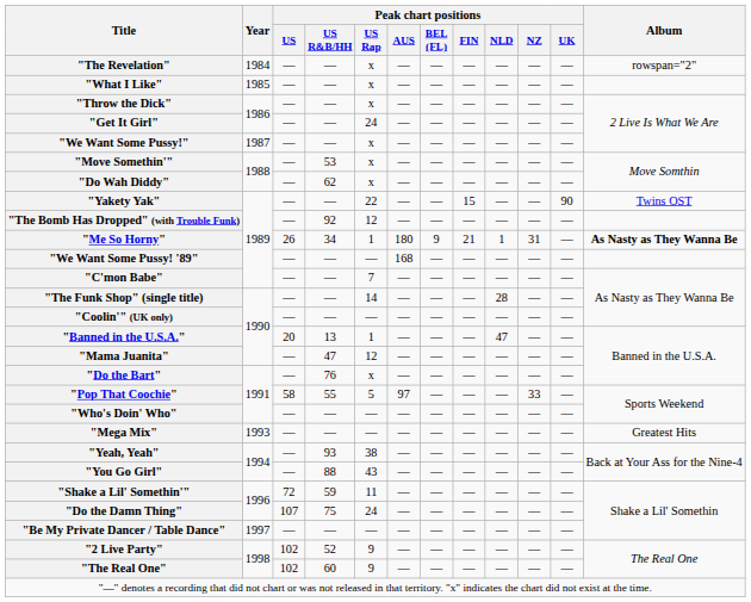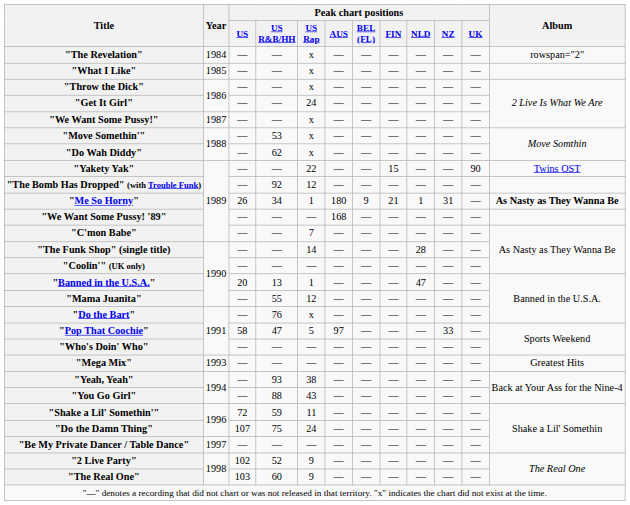 <table class="wikitable plainrowheaders" style="text-align:center">
 <tr>
 <th scope="col" rowspan="2">Title</th>
 <th scope="col" rowspan="2">Year</th>
 <th scope="col" colspan="9">Peak chart positions</th>
 <th scope="col" rowspan="2">Album</th>
 </tr>
 <tr>
 <th scope="col" style="width:2.5em;font-size:90%;"><a href='#'>US</a><br></th>
 <th scope="col" style="width:2.5em;font-size:90%;"><a href='#'>US R&B/HH</a><br></th>
 <th scope="col" style="width:2.5em;font-size:90%;"><a href='#'>US Rap</a><br></th>
 <th scope="col" style="width:2.5em;font-size:90%;"><a href='#'>AUS</a><br></th>
 <th scope="col" style="width:2.5em;font-size:90%;"><a href='#'>BEL<br>(FL)</a><br></th>
 <th scope="col" style="width:2.5em;font-size:90%;"><a href='#'>FIN</a><br></th>
 <th scope="col" style="width:2.5em;font-size:90%;"><a href='#'>NLD</a><br></th>
 <th scope="col" style="width:2.5em;font-size:90%;"><a href='#'>NZ</a><br></th>
 <th scope="col" style="width:2.5em;font-size:90%;"><a href='#'>UK</a><br></th>
 </tr>
 <tr>
 <th scope="row">"The Revelation"</th>
 <td>1984</td>
 <td>—</td>
 <td>—</td>
 <td>x</td>
 <td>—</td>
 <td>—</td>
 <td>—</td>
 <td>—</td>
 <td>—</td>
 <td>—</td>
 <td>rowspan="2" </td>
 </tr>
 <tr>
 <th scope="row">"What I Like"</th>
 <td>1985</td>
 <td>—</td>
 <td>—</td>
 <td>x</td>
 <td>—</td>
 <td>—</td>
 <td>—</td>
 <td>—</td>
 <td>—</td>
 <td>—</td>
 </tr>
 <tr>
 <th scope="row">"Throw the Dick"</th>
 <td rowspan="2">1986</td>
 <td>—</td>
 <td>—</td>
 <td>x</td>
 <td>—</td>
 <td>—</td>
 <td>—</td>
 <td>—</td>
 <td>—</td>
 <td>—</td>
 <td rowspan="3"><em>2 Live Is What We Are</em></td>
 </tr>
 <tr>
 <th scope="row">"Get It Girl"</th>
 <td>—</td>
 <td>—</td>
 <td>24</td>
 <td>—</td>
 <td>—</td>
 <td>—</td>
 <td>—</td>
 <td>—</td>
 <td>—</td>
 </tr>
 <tr>
 <th scope="row">"We Want Some Pussy!"</th>
 <td>1987</td>
 <td>—</td>
 <td>—</td>
 <td>x</td>
 <td>—</td>
 <td>—</td>
 <td>—</td>
 <td>—</td>
 <td>—</td>
 <td>—</td>
 </tr>
 <tr>
 <th scope="row">"Move Somethin'"</th>
 <td rowspan="2">1988</td>
 <td>—</td>
 <td>53</td>
 <td>x</td>
 <td>—</td>
 <td>—</td>
 <td>—</td>
 <td>—</td>
 <td>—</td>
 <td>—</td>
 <td rowspan="2"><em>Move Somthin<strong></td>
 </tr>
 <tr>
 <th scope="row">"Do Wah Diddy"</th>
 <td>—</td>
 <td>62</td>
 <td>x</td>
 <td>—</td>
 <td>—</td>
 <td>—</td>
 <td>—</td>
 <td>—</td>
 <td>—</td>
 </tr>
 <tr>
 <th scope="row">"Yakety Yak"</th>
 <td rowspan="5">1989</td>
 <td>—</td>
 <td>—</td>
 <td>22</td>
 <td>—</td>
 <td>—</td>
 <td>15</td>
 <td>—</td>
 <td>—</td>
 <td>90</td>
 <td></em><a href='#'>Twins OST</a><em></td>
 </tr>
 <tr>
 <th scope="row">"The Bomb Has Dropped" <small>(with <a href='#'>Trouble Funk</a>)</small></th>
 <td>—</td>
 <td>92</td>
 <td>12</td>
 <td>—</td>
 <td>—</td>
 <td>—</td>
 <td>—</td>
 <td>—</td>
 <td>—</td>
 <td></td>
 </tr>
 <tr>
 <th scope="row">"<a href='#'>Me So Horny</a>"</th>
 <td>26</td>
 <td>34</td>
 <td>1</td>
 <td>180</td>
 <td>9</td>
 <td>21</td>
 <td>1</td>
 <td>31</td>
 <td>—</td>
 <td><strong></em>As Nasty as They Wanna Be<em></strong></td>
 </tr>
 <tr>
 <th scope="row">"We Want Some Pussy! '89"</th>
 <td>—</td>
 <td>—</td>
 <td>—</td>
 <td>168</td>
 <td>—</td>
 <td>—</td>
 <td>—</td>
 <td>—</td>
 <td>—</td>
 <td></td>
 </tr>
 <tr>
 <th scope="row">"C'mon Babe"</th>
 <td>—</td>
 <td>—</td>
 <td>7</td>
 <td>—</td>
 <td>—</td>
 <td>—</td>
 <td>—</td>
 <td>—</td>
 <td>—</td>
 <td rowspan="3"></em>As Nasty as They Wanna Be<em></td>
 </tr>
 <tr>
 <th scope="row">"The Funk Shop" (single title)</th>
 <td rowspan="4">1990</td>
 <td>—</td>
 <td>—</td>
 <td>14</td>
 <td>—</td>
 <td>—</td>
 <td>—</td>
 <td>28</td>
 <td>—</td>
 <td>—</td>
 </tr>
 <tr>
 <th scope="row">"Coolin'" <small>(UK only)</small></th>
 <td>—</td>
 <td>—</td>
 <td>—</td>
 <td>—</td>
 <td>—</td>
 <td>—</td>
 <td>—</td>
 <td>—</td>
 <td>—</td>
 </tr>
 <tr>
 <th scope="row">"<a href='#'>Banned in the U.S.A.</a>"</th>
 <td>20</td>
 <td>13</td>
 <td>1</td>
 <td>—</td>
 <td>—</td>
 <td>—</td>
 <td>47</td>
 <td>—</td>
 <td>—</td>
 <td rowspan="3"></em>Banned in the U.S.A.<em></td>
 </tr>
 <tr>
 <th scope="row">"Mama Juanita"</th>
 <td>—</td>
-<td>47</td>
+<td>55</td>
 <td>12</td>
 <td>—</td>
 <td>—</td>
 <td>—</td>
 <td>—</td>
 <td>—</td>
 <td>—</td>
 </tr>
 <tr>
 <th scope="row">"<a href='#'>Do the Bart</a>"</th>
 <td rowspan="3">1991</td>
 <td>—</td>
 <td>76</td>
 <td>x</td>
 <td>—</td>
 <td>—</td>
 <td>—</td>
 <td>—</td>
 <td>—</td>
 <td>—</td>
 </tr>
 <tr>
 <th scope="row">"<a href='#'>Pop That Coochie</a>"</th>
 <td>58</td>
-<td>55</td>
+<td>47</td>
 <td>5</td>
 <td>97</td>
 <td>—</td>
 <td>—</td>
 <td>—</td>
 <td>33</td>
 <td>—</td>
 <td rowspan="2"></em>Sports Weekend<em></td>
 </tr>
 <tr>
 <th scope="row">"Who's Doin' Who"</th>
 <td>—</td>
 <td>—</td>
 <td>—</td>
 <td>—</td>
 <td>—</td>
 <td>—</td>
 <td>—</td>
 <td>—</td>
 <td>—</td>
 </tr>
 <tr>
 <th scope="row">"Mega Mix"</th>
 <td>1993</td>
 <td>—</td>
 <td>—</td>
 <td>—</td>
 <td>—</td>
 <td>—</td>
 <td>—</td>
 <td>—</td>
 <td>—</td>
 <td>—</td>
 <td></em>Greatest Hits<em></td>
 </tr>
 <tr>
 <th scope="row">"Yeah, Yeah"</th>
 <td rowspan="2">1994</td>
 <td>—</td>
 <td>93</td>
 <td>38</td>
 <td>—</td>
 <td>—</td>
 <td>—</td>
 <td>—</td>
 <td>—</td>
 <td>—</td>
 <td rowspan="2"></em>Back at Your Ass for the Nine-4<em></td>
 </tr>
 <tr>
 <th scope="row">"You Go Girl"</th>
 <td>—</td>
 <td>88</td>
 <td>43</td>
 <td>—</td>
 <td>—</td>
 <td>—</td>
 <td>—</td>
 <td>—</td>
 <td>—</td>
 </tr>
 <tr>
 <th scope="row">"Shake a Lil' Somethin'"</th>
 <td rowspan="2">1996</td>
 <td>72</td>
 <td>59</td>
 <td>11</td>
 <td>—</td>
 <td>—</td>
 <td>—</td>
 <td>—</td>
 <td>—</td>
 <td>—</td>
 <td rowspan="3"></em>Shake a Lil' Somethin</strong></td>
 </tr>
 <tr>
 <th scope="row">"Do the Damn Thing"</th>
 <td>107</td>
 <td>75</td>
 <td>24</td>
 <td>—</td>
 <td>—</td>
 <td>—</td>
 <td>—</td>
 <td>—</td>
 <td>—</td>
 </tr>
 <tr>
 <th scope="row">"Be My Private Dancer / Table Dance"</th>
 <td>1997</td>
 <td>—</td>
 <td>—</td>
 <td>—</td>
 <td>—</td>
 <td>—</td>
 <td>—</td>
 <td>—</td>
 <td>—</td>
 <td>—</td>
 </tr>
 <tr>
 <th scope="row">"2 Live Party"</th>
 <td rowspan="2">1998</td>
 <td>102</td>
 <td>52</td>
 <td>9</td>
 <td>—</td>
 <td>—</td>
 <td>—</td>
 <td>—</td>
 <td>—</td>
 <td>—</td>
 <td rowspan="2"><em>The Real One</em></td>
 </tr>
 <tr>
 <th scope="row">"The Real One"</th>
-<td>102</td>
+<td>103</td>
 <td>60</td>
 <td>9</td>
 <td>—</td>
 <td>—</td>
 <td>—</td>
 <td>—</td>
 <td>—</td>
 <td>—</td>
 </tr>
 <tr>
 <td colspan="12" style="font-size:90%">"—" denotes a recording that did not chart or was not released in that territory. "x" indicates the chart did not exist at the time.</td>
 </tr>
 </table>
